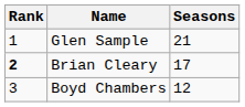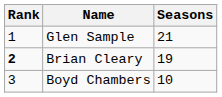 <table class="wikitable">
 <tr>
 <th>Rank</th>
 <th>Name</th>
 <th>Seasons</th>
 </tr>
 <tr>
 <td>1</td>
 <td>Glen Sample</td>
 <td>21</td>
 </tr>
 <tr>
 <td><strong>2</strong></td>
 <td>Brian Cleary</td>
-<td>17</td>
+<td>19</td>
 </tr>
 <tr>
 <td>3</td>
 <td>Boyd Chambers</td>
-<td>12</td>
+<td>10</td>
 </tr>
 </table>
